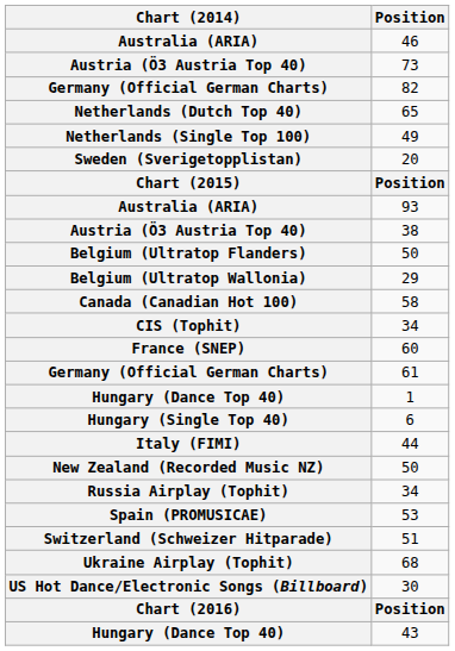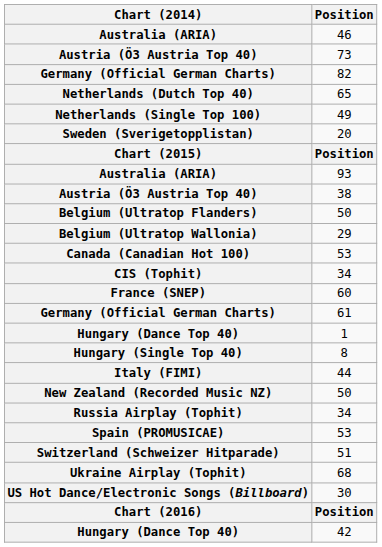 <table class="wikitable plainrowheaders" style="text-align:center">
 <tr>
 <th scope="col">Chart (2014)</th>
 <th scope="col">Position</th>
 </tr>
 <tr>
 <th scope="row">Australia (ARIA)</th>
 <td>46</td>
 </tr>
 <tr>
 <th scope="row">Austria (Ö3 Austria Top 40)</th>
 <td>73</td>
 </tr>
 <tr>
 <th scope="row">Germany (Official German Charts)</th>
 <td>82</td>
 </tr>
 <tr>
 <th scope="row">Netherlands (Dutch Top 40)</th>
 <td>65</td>
 </tr>
 <tr>
 <th scope="row">Netherlands (Single Top 100)</th>
 <td>49</td>
 </tr>
 <tr>
 <th scope="row">Sweden (Sverigetopplistan)</th>
 <td>20</td>
 </tr>
 <tr>
 <th scope="col">Chart (2015)</th>
 <th scope="col">Position</th>
 </tr>
 <tr>
 <th scope="row">Australia (ARIA)</th>
 <td>93</td>
 </tr>
 <tr>
 <th scope="row">Austria (Ö3 Austria Top 40)</th>
 <td>38</td>
 </tr>
 <tr>
 <th scope="row">Belgium (Ultratop Flanders)</th>
 <td>50</td>
 </tr>
 <tr>
 <th scope="row">Belgium (Ultratop Wallonia)</th>
 <td>29</td>
 </tr>
 <tr>
 <th scope="row">Canada (Canadian Hot 100)</th>
-<td>58</td>
+<td>53</td>
 </tr>
 <tr>
 <th scope="row">CIS (Tophit)</th>
 <td style="text-align:center;">34</td>
 </tr>
 <tr>
 <th scope="row">France (SNEP)</th>
 <td>60</td>
 </tr>
 <tr>
 <th scope="row">Germany (Official German Charts)</th>
 <td>61</td>
 </tr>
 <tr>
 <th scope="row">Hungary (Dance Top 40)</th>
 <td>1</td>
 </tr>
 <tr>
 <th scope="row">Hungary (Single Top 40)</th>
-<td>6</td>
+<td>8</td>
 </tr>
 <tr>
 <th scope="row">Italy (FIMI)</th>
 <td>44</td>
 </tr>
 <tr>
 <th scope="row">New Zealand (Recorded Music NZ)</th>
 <td>50</td>
 </tr>
 <tr>
 <th scope="row">Russia Airplay (Tophit)</th>
 <td style="text-align:center;">34</td>
 </tr>
 <tr>
 <th scope="row">Spain (PROMUSICAE)</th>
 <td>53</td>
 </tr>
 <tr>
 <th scope="row">Switzerland (Schweizer Hitparade)</th>
 <td>51</td>
 </tr>
 <tr>
 <th scope="row">Ukraine Airplay (Tophit)</th>
 <td style="text-align:center;">68</td>
 </tr>
 <tr>
 <th scope="row">US Hot Dance/Electronic Songs (<em>Billboard</em>)</th>
 <td>30</td>
 </tr>
 <tr>
 <th scope="col">Chart (2016)</th>
 <th scope="col">Position</th>
 </tr>
 <tr>
 <th scope="row">Hungary (Dance Top 40)</th>
-<td>43</td>
+<td>42</td>
 </tr>
 </table>
